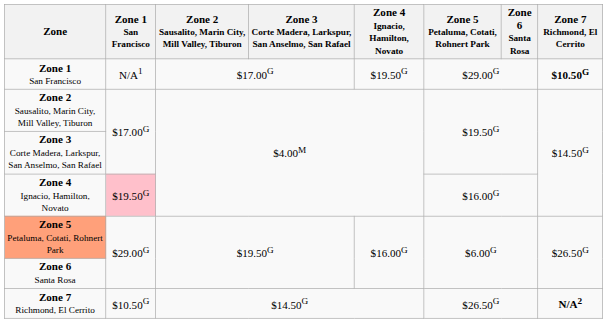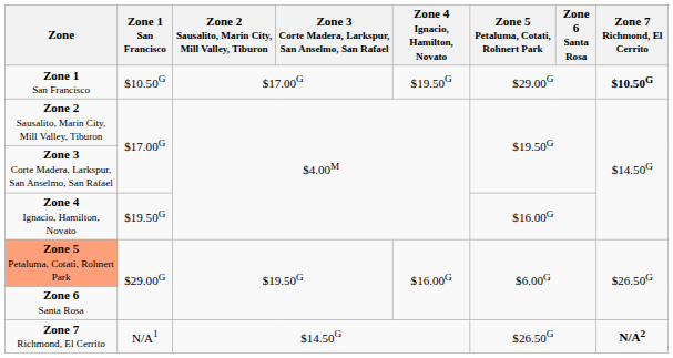 <table class="wikitable" style="text-align:center">
 <tr>
 <th><strong>Zone</strong></th>
 <th>Zone 1<br><small>San Francisco</small></th>
 <th>Zone 2<br><small>Sausalito, Marin City, Mill Valley, Tiburon</small></th>
 <th>Zone 3<br><small>Corte Madera, Larkspur, San Anselmo, San Rafael</small></th>
 <th>Zone 4<br><small>Ignacio, Hamilton, Novato</small></th>
 <th>Zone 5<br><small>Petaluma, Cotati, Rohnert Park</small></th>
 <th>Zone 6<br><small>Santa Rosa</small></th>
 <th>Zone 7<br><small>Richmond, El Cerrito</small></th>
 </tr>
 <tr>
 <td><strong>Zone 1</strong><br><small>San Francisco</small></td>
-<td>N/A<sup>1</sup></td>
+<td>$10.50<sup>G</sup></td>
 <td colspan="2">$17.00<sup>G</sup></td>
 <td>$19.50<sup>G</sup></td>
 <td colspan="2">$29.00<sup>G</sup></td>
 <td><strong>$10.50<sup>G</sup></strong></td>
 </tr>
 <tr>
 <td><strong>Zone 2</strong><br><small>Sausalito, Marin City, Mill Valley, Tiburon</small></td>
 <td rowspan="2">$17.00<sup>G</sup></td>
 <td colspan="3" rowspan="3">$4.00<sup>M</sup></td>
 <td colspan="2" rowspan="2">$19.50<sup>G</sup></td>
 <td rowspan="3">$14.50<sup>G</sup></td>
 </tr>
 <tr>
 <td><strong>Zone 3</strong><br><small>Corte Madera, Larkspur, San Anselmo, San Rafael</small></td>
 </tr>
 <tr>
 <td><strong>Zone 4</strong><br><small>Ignacio, Hamilton, Novato</small></td>
-<td style="background: pink;">$19.50<sup>G</sup></td>
+<td>$19.50<sup>G</sup></td>
 <td colspan="2">$16.00<sup>G</sup></td>
 </tr>
 <tr>
 <td style="background: lightsalmon;"><strong>Zone 5</strong><br><small>Petaluma, Cotati, Rohnert Park</small></td>
 <td rowspan="2">$29.00<sup>G</sup></td>
 <td colspan="2" rowspan="2">$19.50<sup>G</sup></td>
 <td rowspan="2">$16.00<sup>G</sup></td>
 <td colspan="2" rowspan="2">$6.00<sup>G</sup></td>
 <td rowspan="2">$26.50<sup>G</sup></td>
 </tr>
 <tr>
 <td><strong>Zone 6</strong><br><small>Santa Rosa</small></td>
 </tr>
 <tr>
 <td><strong>Zone 7</strong><br><small>Richmond, El Cerrito</small></td>
-<td>$10.50<sup>G</sup></td>
+<td>N/A<sup>1</sup></td>
 <td colspan="3">$14.50<sup>G</sup></td>
 <td colspan="2">$26.50<sup>G</sup></td>
 <td><strong>N/A<sup>2</sup></strong></td>
 </tr>
 </table>
